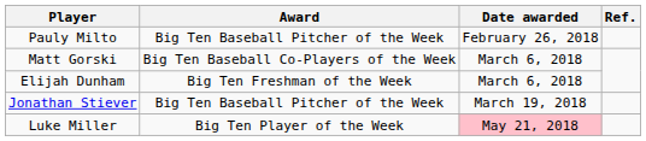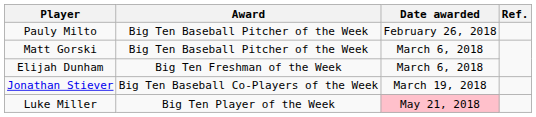 <table class="wikitable sortable sortable" style="text-align: center">
 <tr align=center>
 <th>Player</th>
 <th>Award</th>
 <th>Date awarded</th>
 <th>Ref.</th>
 </tr>
 <tr>
 <td>Pauly Milto</td>
 <td rowspan="1">Big Ten Baseball Pitcher of the Week</td>
 <td rowspan="1">February 26, 2018</td>
 <td rowspan="1"></td>
 </tr>
 <tr>
 <td>Matt Gorski</td>
-<td rowspan="1">Big Ten Baseball Co-Players of the Week</td>
+<td rowspan="1">Big Ten Baseball Pitcher of the Week</td>
 <td rowspan="1">March 6, 2018</td>
 <td rowspan="2"></td>
 </tr>
 <tr>
 <td>Elijah Dunham</td>
 <td rowspan="1">Big Ten Freshman of the Week</td>
 <td rowspan="1">March 6, 2018</td>
 </tr>
 <tr>
 <td><a href='#'>Jonathan Stiever</a></td>
-<td rowspan="1">Big Ten Baseball Pitcher of the Week</td>
+<td rowspan="1">Big Ten Baseball Co-Players of the Week</td>
 <td rowspan="1">March 19, 2018</td>
 <td rowspan="1"></td>
 </tr>
 <tr>
 <td>Luke Miller</td>
 <td rowspan="1">Big Ten Player of the Week</td>
 <td rowspan="1" style="background: pink;">May 21, 2018</td>
 <td rowspan="1"></td>
 </tr>
 </table>
